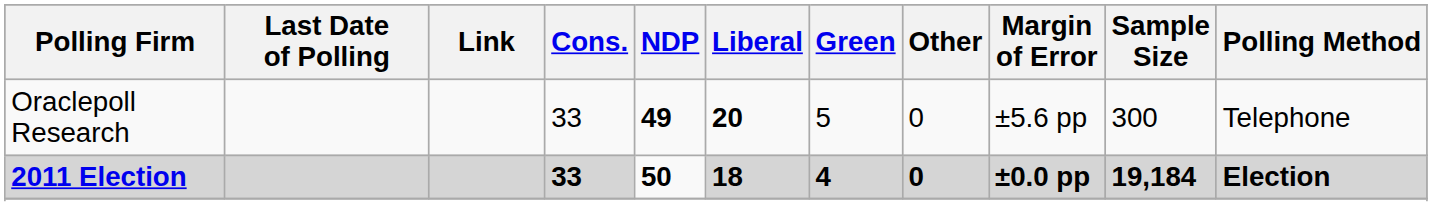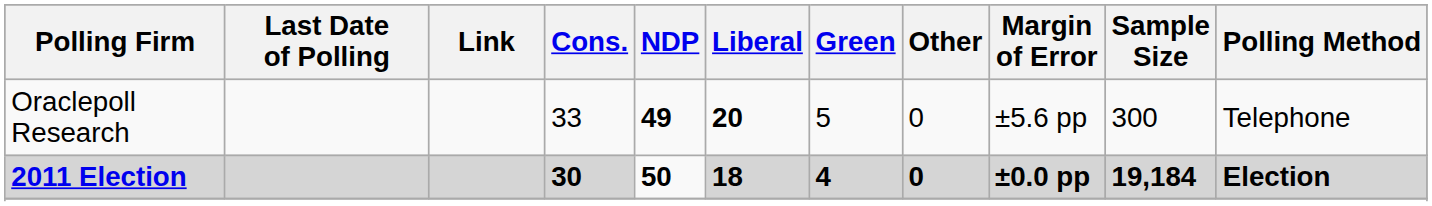 <table class="wikitable sortable">
 <tr style="background:#e9e9e9;">
 <th style="width:120px">Polling Firm</th>
 <th style="width:110px">Last Date<br>of Polling</th>
 <th style="width:60px" class="unsortable">Link</th>
 <th style="background-color:"><strong><a href='#'>Cons.</a></strong></th>
 <th style="background-color:"><strong><a href='#'>NDP</a></strong></th>
 <th style="background-color:"><strong><a href='#'>Liberal</a></strong></th>
 <th style="background-color:"><strong><a href='#'>Green</a></strong></th>
 <th style="background-color:"><strong>Other</strong></th>
 <th style="width:60px;" class=unsortable>Margin<br>of Error</th>
 <th style="width:50px;" class=unsortable>Sample<br>Size</th>
 <th class=unsortable>Polling Method</th>
 </tr>
 <tr>
 <td>Oraclepoll Research</td>
 <td></td>
 <td></td>
 <td>33</td>
 <td><strong>49</strong></td>
 <td><strong>20</strong></td>
 <td>5</td>
 <td>0</td>
 <td>±5.6 pp</td>
 <td>300</td>
 <td>Telephone</td>
 </tr>
 <tr>
 <td style="background:#D5D5D5"><strong><a href='#'>2011 Election</a></strong></td>
 <td style="background:#D5D5D5"><strong></strong></td>
 <td style="background:#D5D5D5"></td>
-<td style="background:#D5D5D5"><strong>33</strong></td>
+<td style="background:#D5D5D5"><strong>30</strong></td>
 <td><strong>50</strong></td>
 <td style="background:#D5D5D5"><strong>18</strong></td>
 <td style="background:#D5D5D5"><strong>4</strong></td>
 <td style="background:#D5D5D5"><strong>0</strong></td>
 <td style="background:#D5D5D5"><strong>±0.0 pp</strong></td>
 <td style="background:#D5D5D5"><strong>19,184</strong></td>
 <td style="background:#D5D5D5"><strong>Election</strong></td>
 </tr>
 <tr>
 </tr>
 <tr>
 </tr>
 </table>
